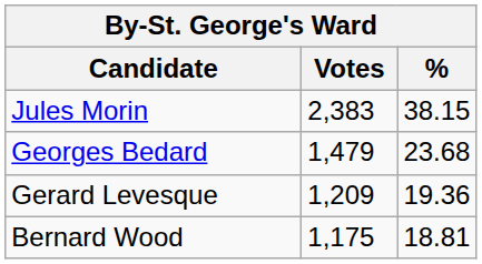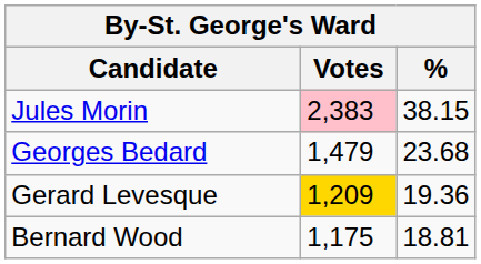 <table class="wikitable">
 <tr>
 <th colspan="3">By-St. George's Ward</th>
 </tr>
 <tr>
 <th style="width: 170px">Candidate</th>
 <th style="width: 50px">Votes</th>
 <th style="width: 40px">%</th>
 </tr>
 <tr>
 <td><a href='#'>Jules Morin</a></td>
-<td>2,383</td>
+<td style="background: pink;">2,383</td>
 <td>38.15</td>
 </tr>
 <tr>
 <td><a href='#'>Georges Bedard</a></td>
 <td>1,479</td>
 <td>23.68</td>
 </tr>
 <tr>
 <td>Gerard Levesque</td>
-<td>1,209</td>
+<td style="background: gold;">1,209</td>
 <td>19.36</td>
 </tr>
 <tr>
 <td>Bernard Wood</td>
 <td>1,175</td>
 <td>18.81</td>
 </tr>
 </table>
